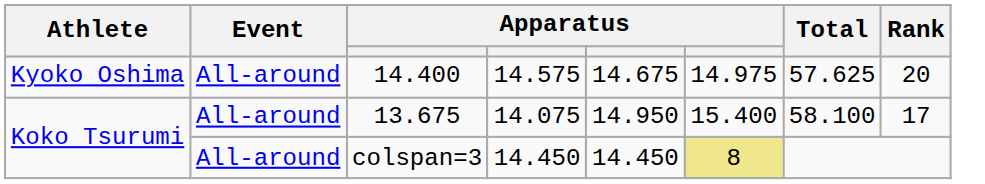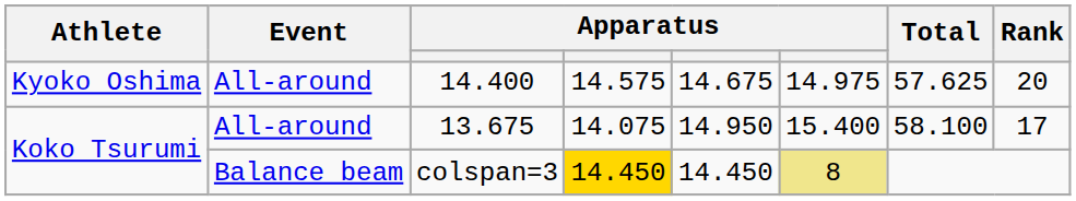 <table class="wikitable" style="font-size:90%">
 <tr>
 <th rowspan=2>Athlete</th>
 <th rowspan=2>Event</th>
 <th colspan =4>Apparatus</th>
 <th rowspan=2>Total</th>
 <th rowspan=2>Rank</th>
 </tr>
 <tr style="font-size:95%">
 <th></th>
 <th></th>
 <th></th>
 <th></th>
 </tr>
 <tr align=center>
 <td align=left><a href='#'>Kyoko Oshima</a></td>
 <td align=left><a href='#'>All-around</a></td>
 <td>14.400</td>
 <td>14.575</td>
 <td>14.675</td>
 <td>14.975</td>
 <td>57.625</td>
 <td>20</td>
 </tr>
 <tr align=center>
 <td align=left rowspan=2><a href='#'>Koko Tsurumi</a></td>
 <td align=left><a href='#'>All-around</a></td>
 <td>13.675</td>
 <td>14.075</td>
 <td>14.950</td>
 <td>15.400</td>
 <td>58.100</td>
 <td>17</td>
 </tr>
 <tr align=center>
-<td align=left><a href='#'>All-around</a></td>
+<td align=left><a href='#'>Balance beam</a></td>
 <td>colspan=3 </td>
-<td>14.450</td>
+<td style="background: gold;">14.450</td>
 <td>14.450</td>
 <td style="background: khaki;">8</td>
 </tr>
 </table>
